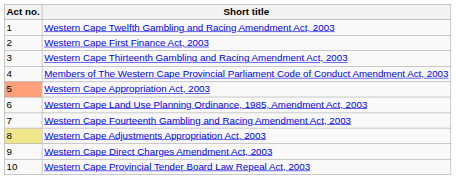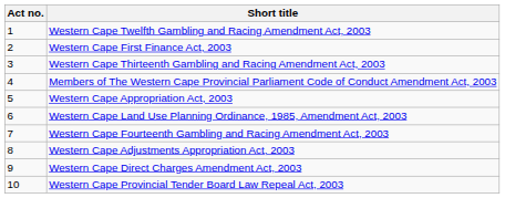 <table class="wikitable">
 <tr>
 <th>Act no.</th>
 <th>Short title</th>
 </tr>
 <tr>
 <td>1</td>
 <td><a href='#'>Western Cape Twelfth Gambling and Racing Amendment Act, 2003</a></td>
 </tr>
 <tr>
 <td>2</td>
 <td><a href='#'>Western Cape First Finance Act, 2003</a></td>
 </tr>
 <tr>
 <td>3</td>
 <td><a href='#'>Western Cape Thirteenth Gambling and Racing Amendment Act, 2003</a></td>
 </tr>
 <tr>
 <td>4</td>
 <td><a href='#'>Members of The Western Cape Provincial Parliament Code of Conduct Amendment Act, 2003</a></td>
 </tr>
 <tr>
-<td style="background: lightsalmon;">5</td>
+<td>5</td>
 <td><a href='#'>Western Cape Appropriation Act, 2003</a></td>
 </tr>
 <tr>
 <td>6</td>
 <td><a href='#'>Western Cape Land Use Planning Ordinance, 1985, Amendment Act, 2003</a></td>
 </tr>
 <tr>
 <td>7</td>
 <td><a href='#'>Western Cape Fourteenth Gambling and Racing Amendment Act, 2003</a></td>
 </tr>
 <tr>
-<td style="background: khaki;">8</td>
+<td>8</td>
 <td><a href='#'>Western Cape Adjustments Appropriation Act, 2003</a></td>
 </tr>
 <tr>
 <td>9</td>
 <td><a href='#'>Western Cape Direct Charges Amendment Act, 2003</a></td>
 </tr>
 <tr>
 <td>10</td>
 <td><a href='#'>Western Cape Provincial Tender Board Law Repeal Act, 2003</a></td>
 </tr>
 </table>
